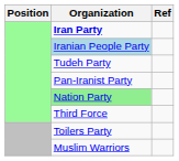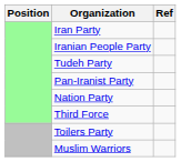 <table class="wikitable">
 <tr>
 <th>Position</th>
 <th>Organization</th>
 <th>Ref</th>
 </tr>
 <tr>
 <td style="background-color:#98FB98" rowspan="6"></td>
-<td><strong><a href='#'>Iran Party</a></strong></td>
+<td><a href='#'>Iran Party</a></td>
 <td></td>
 </tr>
 <tr>
-<td style="background: lightblue;"><a href='#'>Iranian People Party</a></td>
+<td><a href='#'>Iranian People Party</a></td>
 <td></td>
 </tr>
 <tr>
 <td><a href='#'>Tudeh Party</a></td>
 <td></td>
 </tr>
 <tr>
 <td><a href='#'>Pan-Iranist Party</a></td>
 <td></td>
 </tr>
 <tr>
-<td style="background: lightgreen;"><a href='#'>Nation Party</a></td>
+<td><a href='#'>Nation Party</a></td>
 <td></td>
 </tr>
 <tr>
 <td><a href='#'>Third Force</a></td>
 <td></td>
 </tr>
 <tr>
 <td style="background-color:#C0C0C0" rowspan="2"></td>
 <td><a href='#'>Toilers Party</a></td>
 <td></td>
 </tr>
 <tr>
 <td><a href='#'>Muslim Warriors</a></td>
 <td></td>
 </tr>
 </table>
